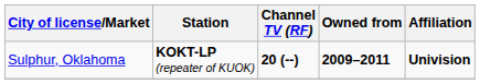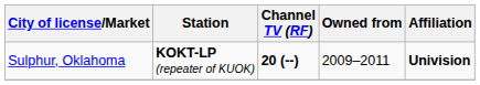 <table class="wikitable sortable">
 <tr>
 <th><a href='#'>City of license</a>/Market</th>
 <th>Station</th>
 <th>Channel<br><em><a href='#'>TV</a> (<a href='#'>RF</a>)</em></th>
 <th>Owned from</th>
 <th>Affiliation</th>
 </tr>
 <tr>
 <td rowspan="1"><a href='#'>Sulphur, Oklahoma</a></td>
 <td><strong>KOKT-LP</strong><br><small><em>(repeater of KUOK)</em></small></td>
 <td><strong>20 (--)</strong></td>
-<td><strong>2009–2011</strong></td>
+<td>2009–2011</td>
 <td><strong>Univision</strong></td>
 </tr>
 <tr style="vertical-align: center; text-align: left;">
 </tr>
 </table>
